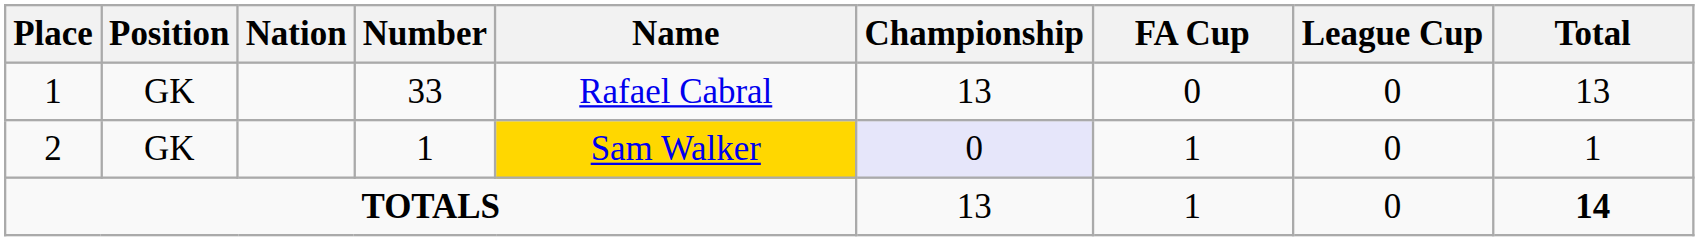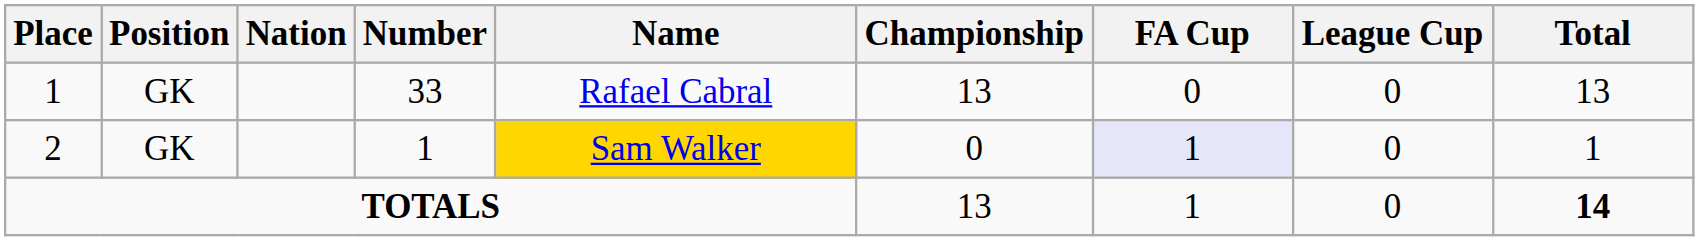 <table class="wikitable" style="font-size: 95%; text-align: center">
 <tr>
 <th width=20>Place</th>
 <th width=20>Position</th>
 <th width=20>Nation</th>
 <th width=20>Number</th>
 <th width=150>Name</th>
 <th width=80>Championship</th>
 <th width=80>FA Cup</th>
 <th width=80>League Cup</th>
 <th width=80><strong>Total</strong></th>
 </tr>
 <tr>
 <td>1</td>
 <td>GK</td>
 <td></td>
 <td>33</td>
 <td><a href='#'>Rafael Cabral</a></td>
 <td>13</td>
 <td>0</td>
 <td>0</td>
 <td>13</td>
 </tr>
 <tr>
 <td>2</td>
 <td>GK</td>
 <td></td>
 <td>1</td>
 <td style="background: gold;"><a href='#'>Sam Walker</a></td>
-<td style="background: lavender;">0</td>
-<td>1</td>
+<td>0</td>
+<td style="background: lavender;">1</td>
 <td>0</td>
 <td>1</td>
 </tr>
 <tr>
 <td colspan="5"><strong>TOTALS</strong></td>
 <td>13</td>
 <td>1</td>
 <td>0</td>
 <td><strong>14</strong></td>
 </tr>
 </table>
